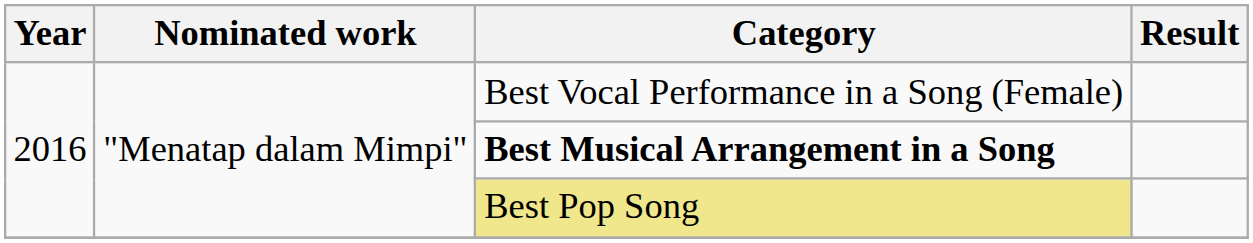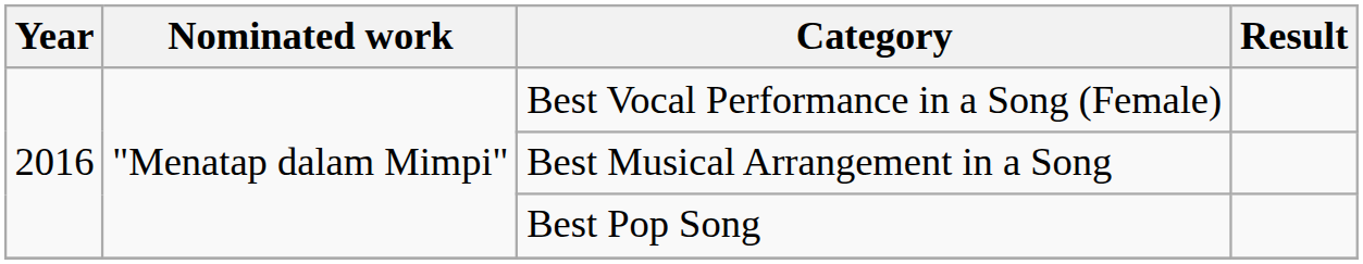 <table class="wikitable">
 <tr>
 <th>Year</th>
 <th>Nominated work</th>
 <th>Category</th>
 <th>Result</th>
 </tr>
 <tr>
 <td rowspan="3">2016</td>
 <td rowspan="3">"Menatap dalam Mimpi"</td>
 <td rowspan="1">Best Vocal Performance in a Song (Female)</td>
 <td></td>
 </tr>
 <tr>
-<td rowspan="1"><strong>Best Musical Arrangement in a Song</strong></td>
+<td rowspan="1">Best Musical Arrangement in a Song</td>
 <td></td>
 </tr>
 <tr>
-<td rowspan="1" style="background: khaki;">Best Pop Song</td>
+<td rowspan="1">Best Pop Song</td>
 <td></td>
 </tr>
 <tr>
 </tr>
 </table>
